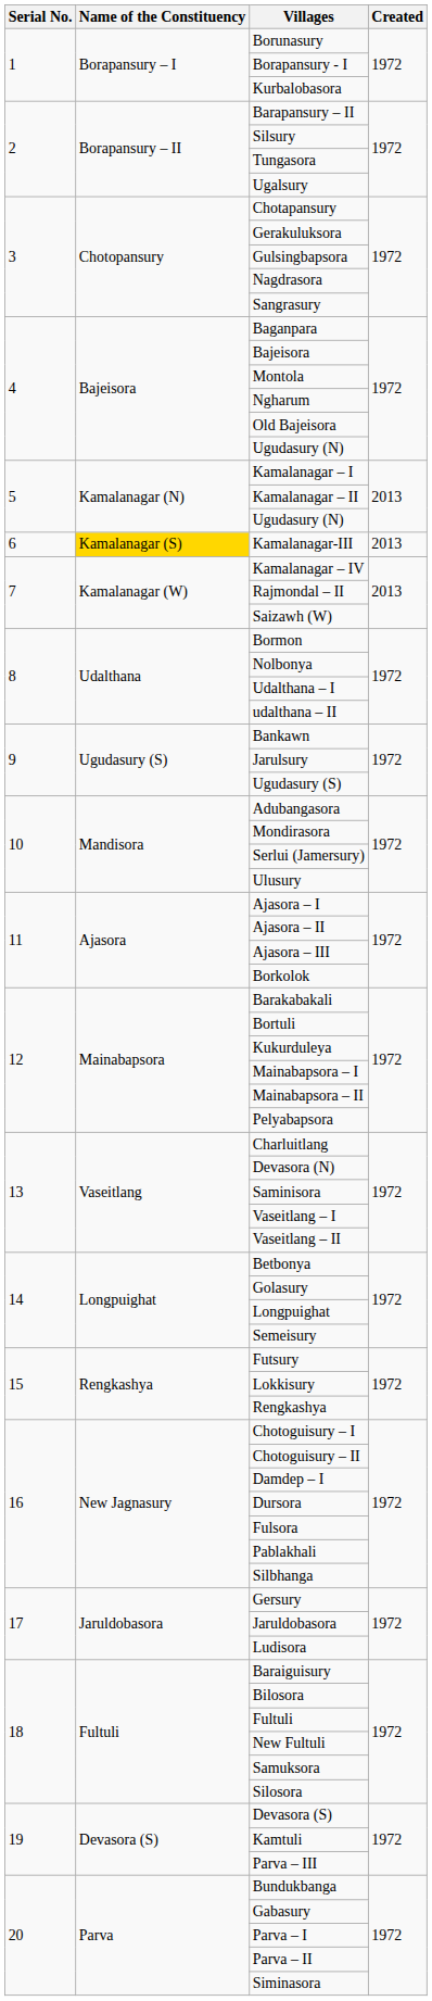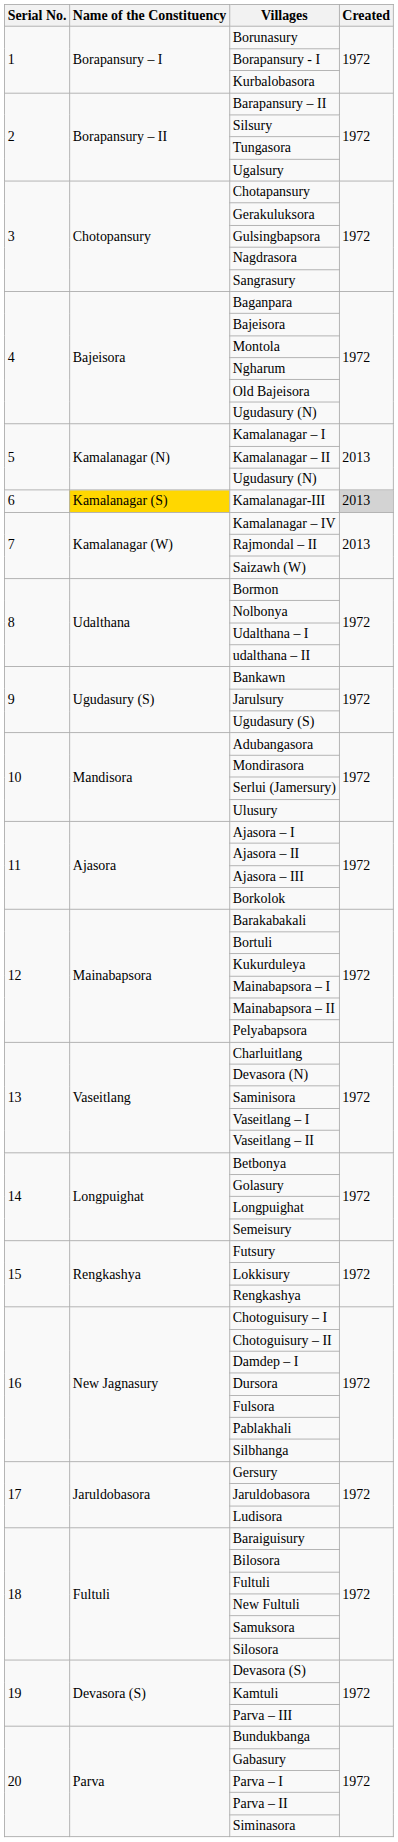 <table class="wikitable sortable">
 <tr>
 <th>Serial No.</th>
 <th>Name of the Constituency</th>
 <th>Villages</th>
 <th>Created</th>
 </tr>
 <tr>
 <td rowspan="3">1</td>
 <td rowspan="3">Borapansury – I</td>
 <td>Borunasury</td>
 <td rowspan="3">1972</td>
 </tr>
 <tr>
 <td>Borapansury - I</td>
 </tr>
 <tr>
 <td>Kurbalobasora</td>
 </tr>
 <tr>
 <td rowspan="4">2</td>
 <td rowspan="4">Borapansury – II</td>
 <td>Barapansury – II</td>
 <td rowspan="4">1972</td>
 </tr>
 <tr>
 <td>Silsury</td>
 </tr>
 <tr>
 <td>Tungasora</td>
 </tr>
 <tr>
 <td>Ugalsury</td>
 </tr>
 <tr>
 <td rowspan="5">3</td>
 <td rowspan="5">Chotopansury</td>
 <td>Chotapansury</td>
 <td rowspan="5">1972</td>
 </tr>
 <tr>
 <td>Gerakuluksora</td>
 </tr>
 <tr>
 <td>Gulsingbapsora</td>
 </tr>
 <tr>
 <td>Nagdrasora</td>
 </tr>
 <tr>
 <td>Sangrasury</td>
 </tr>
 <tr>
 <td rowspan="6">4</td>
 <td rowspan="6">Bajeisora</td>
 <td>Baganpara</td>
 <td rowspan="6">1972</td>
 </tr>
 <tr>
 <td>Bajeisora</td>
 </tr>
 <tr>
 <td>Montola</td>
 </tr>
 <tr>
 <td>Ngharum</td>
 </tr>
 <tr>
 <td>Old Bajeisora</td>
 </tr>
 <tr>
 <td>Ugudasury (N)</td>
 </tr>
 <tr>
 <td rowspan="3">5</td>
 <td rowspan="3">Kamalanagar (N)</td>
 <td>Kamalanagar – I</td>
 <td rowspan="3">2013</td>
 </tr>
 <tr>
 <td>Kamalanagar – II</td>
 </tr>
 <tr>
 <td>Ugudasury (N)</td>
 </tr>
 <tr>
 <td>6</td>
 <td style="background: gold;">Kamalanagar (S)</td>
 <td>Kamalanagar-III</td>
-<td>2013</td>
+<td style="background: lightgrey;">2013</td>
 </tr>
 <tr>
 <td rowspan="3">7</td>
 <td rowspan="3">Kamalanagar (W)</td>
 <td>Kamalanagar – IV</td>
 <td rowspan="3">2013</td>
 </tr>
 <tr>
 <td>Rajmondal – II</td>
 </tr>
 <tr>
 <td>Saizawh (W)</td>
 </tr>
 <tr>
 <td rowspan="4">8</td>
 <td rowspan="4">Udalthana</td>
 <td>Bormon</td>
 <td rowspan="4">1972</td>
 </tr>
 <tr>
 <td>Nolbonya</td>
 </tr>
 <tr>
 <td>Udalthana – I</td>
 </tr>
 <tr>
 <td>udalthana – II</td>
 </tr>
 <tr>
 <td rowspan="3">9</td>
 <td rowspan="3">Ugudasury (S)</td>
 <td>Bankawn</td>
 <td rowspan="3">1972</td>
 </tr>
 <tr>
 <td>Jarulsury</td>
 </tr>
 <tr>
 <td>Ugudasury (S)</td>
 </tr>
 <tr>
 <td rowspan="4">10</td>
 <td rowspan="4">Mandisora</td>
 <td>Adubangasora</td>
 <td rowspan="4">1972</td>
 </tr>
 <tr>
 <td>Mondirasora</td>
 </tr>
 <tr>
 <td>Serlui (Jamersury)</td>
 </tr>
 <tr>
 <td>Ulusury</td>
 </tr>
 <tr>
 <td rowspan="4">11</td>
 <td rowspan="4">Ajasora</td>
 <td>Ajasora – I</td>
 <td rowspan="4">1972</td>
 </tr>
 <tr>
 <td>Ajasora – II</td>
 </tr>
 <tr>
 <td>Ajasora – III</td>
 </tr>
 <tr>
 <td>Borkolok</td>
 </tr>
 <tr>
 <td rowspan="6">12</td>
 <td rowspan="6">Mainabapsora</td>
 <td>Barakabakali</td>
 <td rowspan="6">1972</td>
 </tr>
 <tr>
 <td>Bortuli</td>
 </tr>
 <tr>
 <td>Kukurduleya</td>
 </tr>
 <tr>
 <td>Mainabapsora – I</td>
 </tr>
 <tr>
 <td>Mainabapsora – II</td>
 </tr>
 <tr>
 <td>Pelyabapsora</td>
 </tr>
 <tr>
 <td rowspan="5">13</td>
 <td rowspan="5">Vaseitlang</td>
 <td>Charluitlang</td>
 <td rowspan="5">1972</td>
 </tr>
 <tr>
 <td>Devasora (N)</td>
 </tr>
 <tr>
 <td>Saminisora</td>
 </tr>
 <tr>
 <td>Vaseitlang – I</td>
 </tr>
 <tr>
 <td>Vaseitlang – II</td>
 </tr>
 <tr>
 <td rowspan="4">14</td>
 <td rowspan="4">Longpuighat</td>
 <td>Betbonya</td>
 <td rowspan="4">1972</td>
 </tr>
 <tr>
 <td>Golasury</td>
 </tr>
 <tr>
 <td>Longpuighat</td>
 </tr>
 <tr>
 <td>Semeisury</td>
 </tr>
 <tr>
 <td rowspan="3">15</td>
 <td rowspan="3">Rengkashya</td>
 <td>Futsury</td>
 <td rowspan="3">1972</td>
 </tr>
 <tr>
 <td>Lokkisury</td>
 </tr>
 <tr>
 <td>Rengkashya</td>
 </tr>
 <tr>
 <td rowspan="7">16</td>
 <td rowspan="7">New Jagnasury</td>
 <td>Chotoguisury – I</td>
 <td rowspan="7">1972</td>
 </tr>
 <tr>
 <td>Chotoguisury – II</td>
 </tr>
 <tr>
 <td>Damdep – I</td>
 </tr>
 <tr>
 <td>Dursora</td>
 </tr>
 <tr>
 <td>Fulsora</td>
 </tr>
 <tr>
 <td>Pablakhali</td>
 </tr>
 <tr>
 <td>Silbhanga</td>
 </tr>
 <tr>
 <td rowspan="3">17</td>
 <td rowspan="3">Jaruldobasora</td>
 <td>Gersury</td>
 <td rowspan="3">1972</td>
 </tr>
 <tr>
 <td>Jaruldobasora</td>
 </tr>
 <tr>
 <td>Ludisora</td>
 </tr>
 <tr>
 <td rowspan="6">18</td>
 <td rowspan="6">Fultuli</td>
 <td>Baraiguisury</td>
 <td rowspan="6">1972</td>
 </tr>
 <tr>
 <td>Bilosora</td>
 </tr>
 <tr>
 <td>Fultuli</td>
 </tr>
 <tr>
 <td>New Fultuli</td>
 </tr>
 <tr>
 <td>Samuksora</td>
 </tr>
 <tr>
 <td>Silosora</td>
 </tr>
 <tr>
 <td rowspan="3">19</td>
 <td rowspan="3">Devasora (S)</td>
 <td>Devasora (S)</td>
 <td rowspan="3">1972</td>
 </tr>
 <tr>
 <td>Kamtuli</td>
 </tr>
 <tr>
 <td>Parva – III</td>
 </tr>
 <tr>
 <td rowspan="5">20</td>
 <td rowspan="5">Parva</td>
 <td>Bundukbanga</td>
 <td rowspan="5">1972</td>
 </tr>
 <tr>
 <td>Gabasury</td>
 </tr>
 <tr>
 <td>Parva – I</td>
 </tr>
 <tr>
 <td>Parva – II</td>
 </tr>
 <tr>
 <td>Siminasora</td>
 </tr>
 </table>
